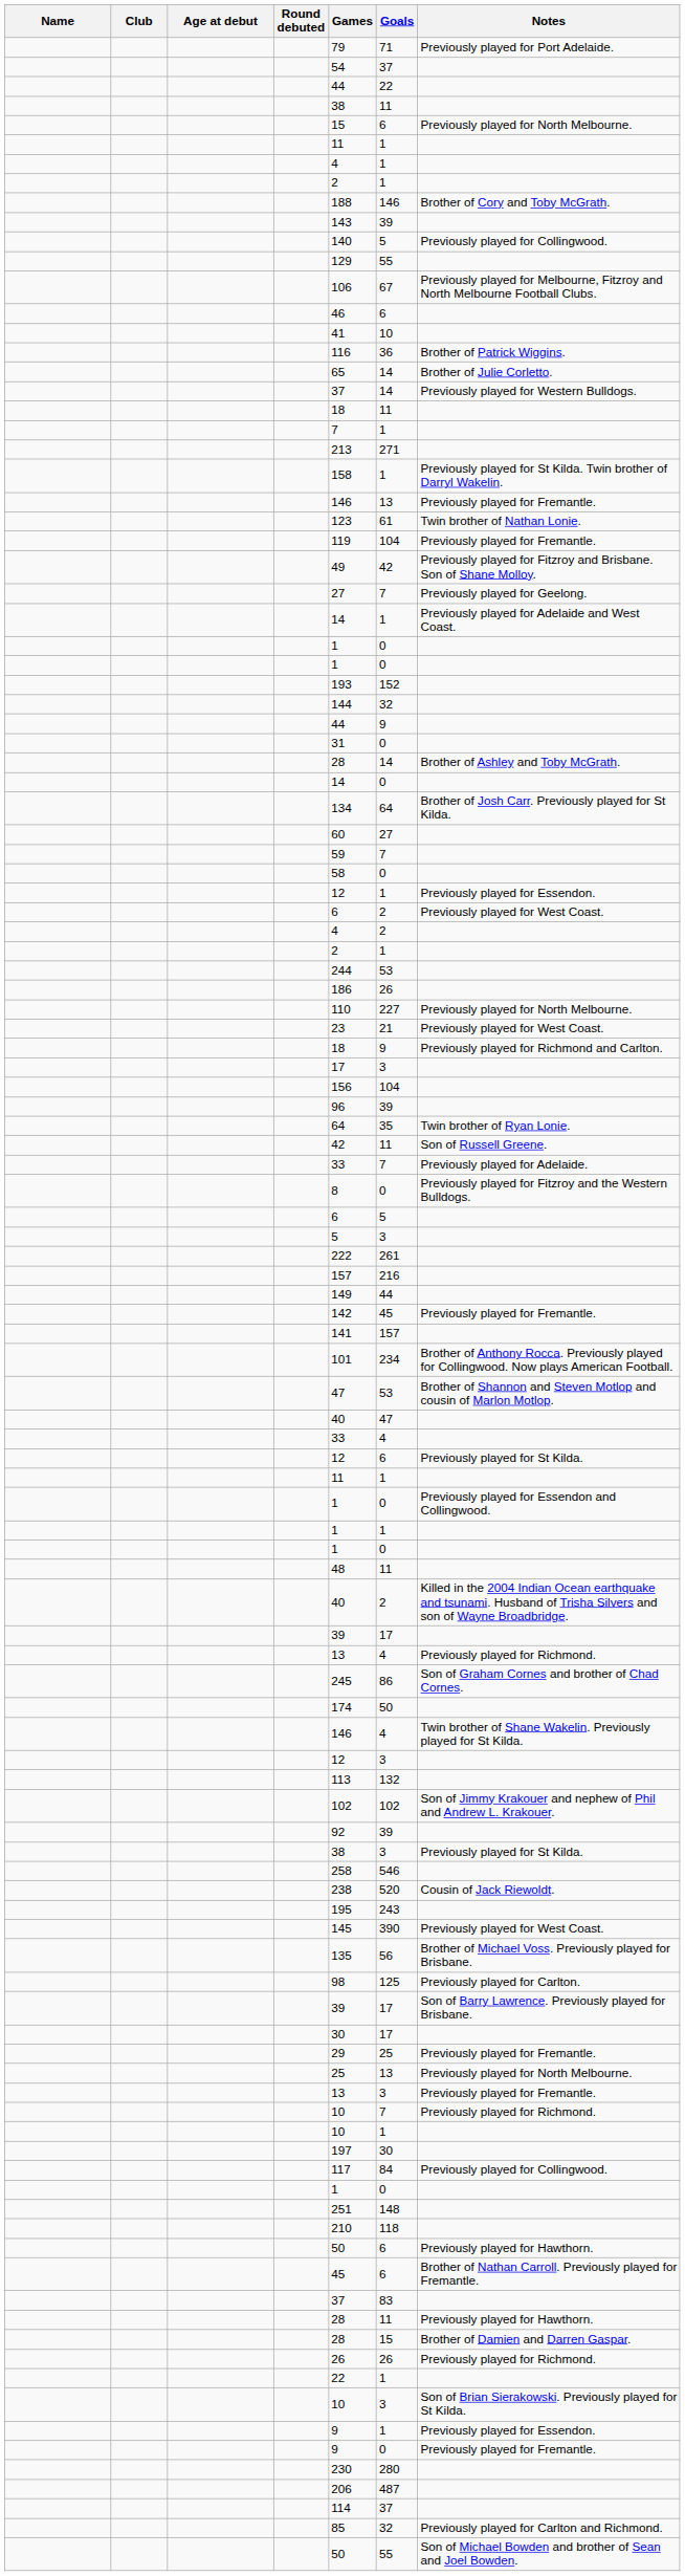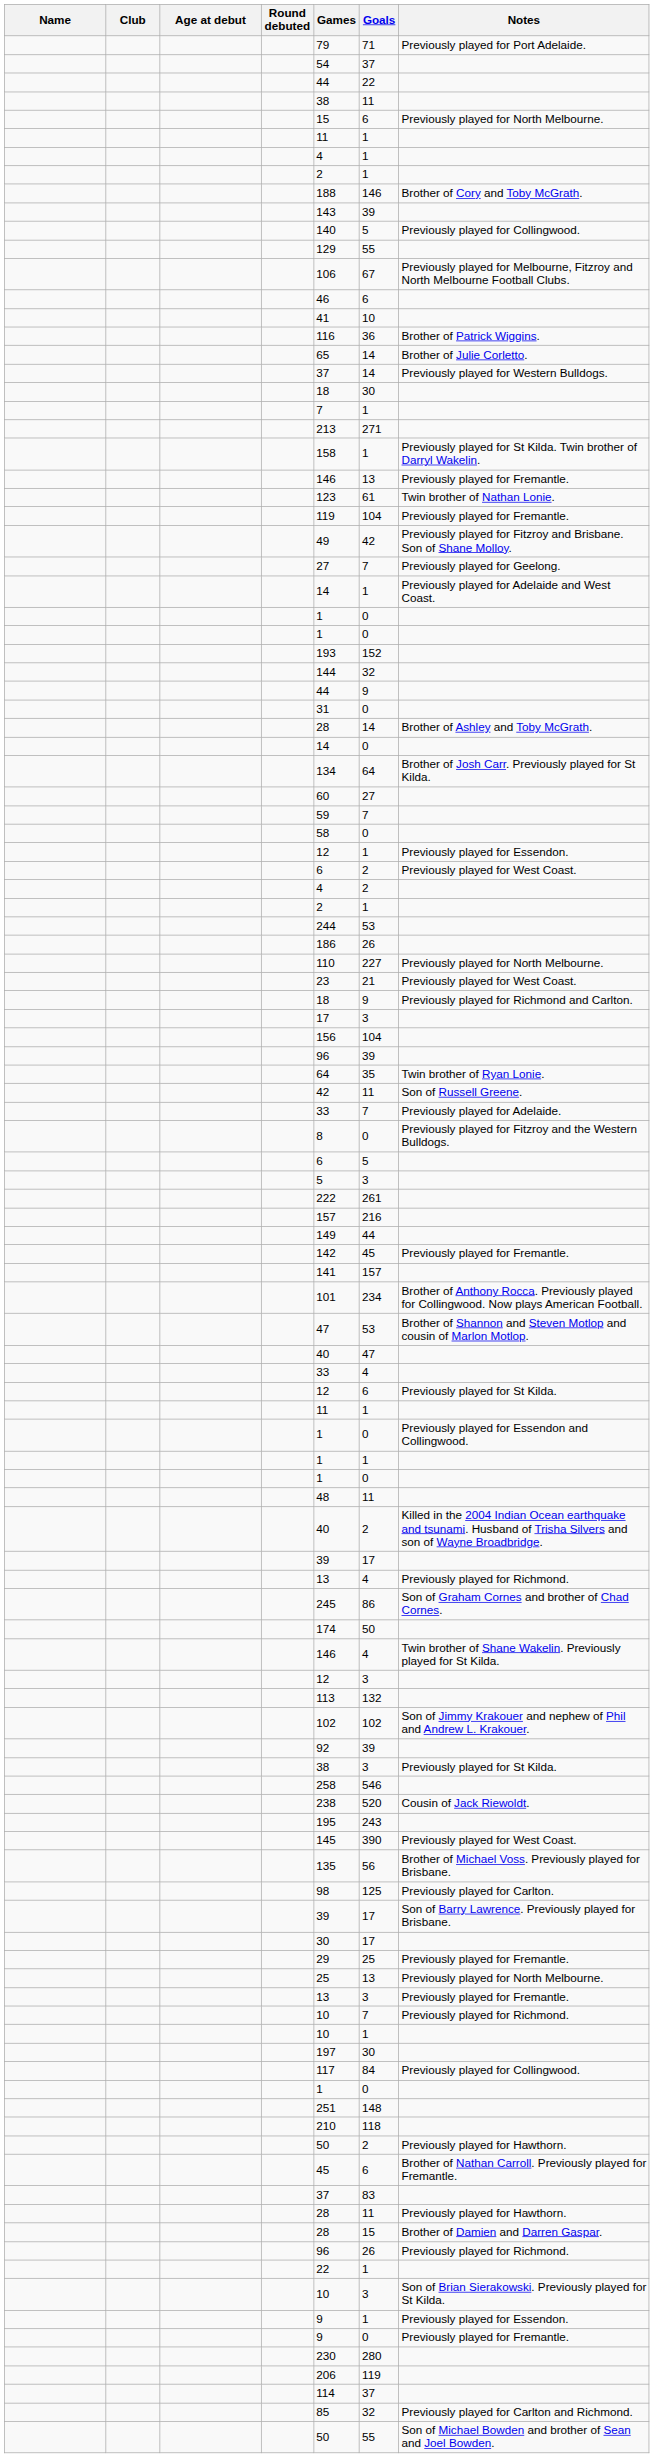 <table class="wikitable sortable" style="width:100%;">
 <tr style="background:#efefef;">
 <th style="width:15%;">Name</th>
 <th width=8%>Club</th>
 <th style="width:15%;">Age at debut</th>
 <th width=5%>Round debuted</th>
 <th width=5%>Games</th>
 <th width=5%><a href='#'>Goals</a></th>
 <th style="width:37%;">Notes</th>
 </tr>
 <tr>
 <td></td>
 <td></td>
 <td></td>
 <td></td>
 <td>79</td>
 <td>71</td>
 <td>Previously played for Port Adelaide.</td>
 </tr>
 <tr>
 <td></td>
 <td></td>
 <td></td>
 <td></td>
 <td>54</td>
 <td>37</td>
 <td></td>
 </tr>
 <tr>
 <td></td>
 <td></td>
 <td></td>
 <td></td>
 <td>44</td>
 <td>22</td>
 <td></td>
 </tr>
 <tr>
 <td></td>
 <td></td>
 <td></td>
 <td></td>
 <td>38</td>
 <td>11</td>
 <td></td>
 </tr>
 <tr>
 <td></td>
 <td></td>
 <td></td>
 <td></td>
 <td>15</td>
 <td>6</td>
 <td>Previously played for North Melbourne.</td>
 </tr>
 <tr>
 <td></td>
 <td></td>
 <td></td>
 <td></td>
 <td>11</td>
 <td>1</td>
 <td></td>
 </tr>
 <tr>
 <td></td>
 <td></td>
 <td></td>
 <td></td>
 <td>4</td>
 <td>1</td>
 <td></td>
 </tr>
 <tr>
 <td></td>
 <td></td>
 <td></td>
 <td></td>
 <td>2</td>
 <td>1</td>
 <td></td>
 </tr>
 <tr>
 <td></td>
 <td></td>
 <td></td>
 <td></td>
 <td>188</td>
 <td>146</td>
 <td>Brother of <a href='#'>Cory</a> and <a href='#'>Toby McGrath</a>.</td>
 </tr>
 <tr>
 <td></td>
 <td></td>
 <td></td>
 <td></td>
 <td>143</td>
 <td>39</td>
 <td></td>
 </tr>
 <tr>
 <td></td>
 <td></td>
 <td></td>
 <td></td>
 <td>140</td>
 <td>5</td>
 <td>Previously played for Collingwood.</td>
 </tr>
 <tr>
 <td></td>
 <td></td>
 <td></td>
 <td></td>
 <td>129</td>
 <td>55</td>
 <td></td>
 </tr>
 <tr>
 <td></td>
 <td></td>
 <td></td>
 <td></td>
 <td>106</td>
 <td>67</td>
 <td>Previously played for Melbourne, Fitzroy and North Melbourne Football Clubs.</td>
 </tr>
 <tr>
 <td></td>
 <td></td>
 <td></td>
 <td></td>
 <td>46</td>
 <td>6</td>
 <td></td>
 </tr>
 <tr>
 <td></td>
 <td></td>
 <td></td>
 <td></td>
 <td>41</td>
 <td>10</td>
 <td></td>
 </tr>
 <tr>
 <td></td>
 <td></td>
 <td></td>
 <td></td>
 <td>116</td>
 <td>36</td>
 <td>Brother of <a href='#'>Patrick Wiggins</a>.</td>
 </tr>
 <tr>
 <td></td>
 <td></td>
 <td></td>
 <td></td>
 <td>65</td>
 <td>14</td>
 <td>Brother of <a href='#'>Julie Corletto</a>.</td>
 </tr>
 <tr>
 <td></td>
 <td></td>
 <td></td>
 <td></td>
 <td>37</td>
 <td>14</td>
 <td>Previously played for Western Bulldogs.</td>
 </tr>
 <tr>
 <td></td>
 <td></td>
 <td></td>
 <td></td>
 <td>18</td>
-<td>11</td>
+<td>30</td>
 <td></td>
 </tr>
 <tr>
 <td></td>
 <td></td>
 <td></td>
 <td></td>
 <td>7</td>
 <td>1</td>
 <td></td>
 </tr>
 <tr>
 <td></td>
 <td></td>
 <td></td>
 <td></td>
 <td>213</td>
 <td>271</td>
 <td></td>
 </tr>
 <tr>
 <td></td>
 <td></td>
 <td></td>
 <td></td>
 <td>158</td>
 <td>1</td>
 <td>Previously played for St Kilda. Twin brother of <a href='#'>Darryl Wakelin</a>.</td>
 </tr>
 <tr>
 <td></td>
 <td></td>
 <td></td>
 <td></td>
 <td>146</td>
 <td>13</td>
 <td>Previously played for Fremantle.</td>
 </tr>
 <tr>
 <td></td>
 <td></td>
 <td></td>
 <td></td>
 <td>123</td>
 <td>61</td>
 <td>Twin brother of <a href='#'>Nathan Lonie</a>.</td>
 </tr>
 <tr>
 <td></td>
 <td></td>
 <td></td>
 <td></td>
 <td>119</td>
 <td>104</td>
 <td>Previously played for Fremantle.</td>
 </tr>
 <tr>
 <td></td>
 <td></td>
 <td></td>
 <td></td>
 <td>49</td>
 <td>42</td>
 <td>Previously played for Fitzroy and Brisbane. Son of <a href='#'>Shane Molloy</a>.</td>
 </tr>
 <tr>
 <td></td>
 <td></td>
 <td></td>
 <td></td>
 <td>27</td>
 <td>7</td>
 <td>Previously played for Geelong.</td>
 </tr>
 <tr>
 <td></td>
 <td></td>
 <td></td>
 <td></td>
 <td>14</td>
 <td>1</td>
 <td>Previously played for Adelaide and West Coast.</td>
 </tr>
 <tr>
 <td></td>
 <td></td>
 <td></td>
 <td></td>
 <td>1</td>
 <td>0</td>
 <td></td>
 </tr>
 <tr>
 <td></td>
 <td></td>
 <td></td>
 <td></td>
 <td>1</td>
 <td>0</td>
 <td></td>
 </tr>
 <tr>
 <td></td>
 <td></td>
 <td></td>
 <td></td>
 <td>193</td>
 <td>152</td>
 <td></td>
 </tr>
 <tr>
 <td></td>
 <td></td>
 <td></td>
 <td></td>
 <td>144</td>
 <td>32</td>
 <td></td>
 </tr>
 <tr>
 <td></td>
 <td></td>
 <td></td>
 <td></td>
 <td>44</td>
 <td>9</td>
 <td></td>
 </tr>
 <tr>
 <td></td>
 <td></td>
 <td></td>
 <td></td>
 <td>31</td>
 <td>0</td>
 <td></td>
 </tr>
 <tr>
 <td></td>
 <td></td>
 <td></td>
 <td></td>
 <td>28</td>
 <td>14</td>
 <td>Brother of <a href='#'>Ashley</a> and <a href='#'>Toby McGrath</a>.</td>
 </tr>
 <tr>
 <td></td>
 <td></td>
 <td></td>
 <td></td>
 <td>14</td>
 <td>0</td>
 <td></td>
 </tr>
 <tr>
 <td></td>
 <td></td>
 <td></td>
 <td></td>
 <td>134</td>
 <td>64</td>
 <td>Brother of <a href='#'>Josh Carr</a>. Previously played for St Kilda.</td>
 </tr>
 <tr>
 <td></td>
 <td></td>
 <td></td>
 <td></td>
 <td>60</td>
 <td>27</td>
 <td></td>
 </tr>
 <tr>
 <td></td>
 <td></td>
 <td></td>
 <td></td>
 <td>59</td>
 <td>7</td>
 <td></td>
 </tr>
 <tr>
 <td></td>
 <td></td>
 <td></td>
 <td></td>
 <td>58</td>
 <td>0</td>
 <td></td>
 </tr>
 <tr>
 <td></td>
 <td></td>
 <td></td>
 <td></td>
 <td>12</td>
 <td>1</td>
 <td>Previously played for Essendon.</td>
 </tr>
 <tr>
 <td></td>
 <td></td>
 <td></td>
 <td></td>
 <td>6</td>
 <td>2</td>
 <td>Previously played for West Coast.</td>
 </tr>
 <tr>
 <td></td>
 <td></td>
 <td></td>
 <td></td>
 <td>4</td>
 <td>2</td>
 <td></td>
 </tr>
 <tr>
 <td></td>
 <td></td>
 <td></td>
 <td></td>
 <td>2</td>
 <td>1</td>
 <td></td>
 </tr>
 <tr>
 <td></td>
 <td></td>
 <td></td>
 <td></td>
 <td>244</td>
 <td>53</td>
 <td></td>
 </tr>
 <tr>
 <td></td>
 <td></td>
 <td></td>
 <td></td>
 <td>186</td>
 <td>26</td>
 <td></td>
 </tr>
 <tr>
 <td></td>
 <td></td>
 <td></td>
 <td></td>
 <td>110</td>
 <td>227</td>
 <td>Previously played for North Melbourne.</td>
 </tr>
 <tr>
 <td></td>
 <td></td>
 <td></td>
 <td></td>
 <td>23</td>
 <td>21</td>
 <td>Previously played for West Coast.</td>
 </tr>
 <tr>
 <td></td>
 <td></td>
 <td></td>
 <td></td>
 <td>18</td>
 <td>9</td>
 <td>Previously played for Richmond and Carlton.</td>
 </tr>
 <tr>
 <td></td>
 <td></td>
 <td></td>
 <td></td>
 <td>17</td>
 <td>3</td>
 <td></td>
 </tr>
 <tr>
 <td></td>
 <td></td>
 <td></td>
 <td></td>
 <td>156</td>
 <td>104</td>
 <td></td>
 </tr>
 <tr>
 <td></td>
 <td></td>
 <td></td>
 <td></td>
 <td>96</td>
 <td>39</td>
 <td></td>
 </tr>
 <tr>
 <td></td>
 <td></td>
 <td></td>
 <td></td>
 <td>64</td>
 <td>35</td>
 <td>Twin brother of <a href='#'>Ryan Lonie</a>.</td>
 </tr>
 <tr>
 <td></td>
 <td></td>
 <td></td>
 <td></td>
 <td>42</td>
 <td>11</td>
 <td>Son of <a href='#'>Russell Greene</a>.</td>
 </tr>
 <tr>
 <td></td>
 <td></td>
 <td></td>
 <td></td>
 <td>33</td>
 <td>7</td>
 <td>Previously played for Adelaide.</td>
 </tr>
 <tr>
 <td></td>
 <td></td>
 <td></td>
 <td></td>
 <td>8</td>
 <td>0</td>
 <td>Previously played for Fitzroy and the Western Bulldogs.</td>
 </tr>
 <tr>
 <td></td>
 <td></td>
 <td></td>
 <td></td>
 <td>6</td>
 <td>5</td>
 <td></td>
 </tr>
 <tr>
 <td></td>
 <td></td>
 <td></td>
 <td></td>
 <td>5</td>
 <td>3</td>
 <td></td>
 </tr>
 <tr>
 <td></td>
 <td></td>
 <td></td>
 <td></td>
 <td>222</td>
 <td>261</td>
 <td></td>
 </tr>
 <tr>
 <td></td>
 <td></td>
 <td></td>
 <td></td>
 <td>157</td>
 <td>216</td>
 <td></td>
 </tr>
 <tr>
 <td></td>
 <td></td>
 <td></td>
 <td></td>
 <td>149</td>
 <td>44</td>
 <td></td>
 </tr>
 <tr>
 <td></td>
 <td></td>
 <td></td>
 <td></td>
 <td>142</td>
 <td>45</td>
 <td>Previously played for Fremantle.</td>
 </tr>
 <tr>
 <td></td>
 <td></td>
 <td></td>
 <td></td>
 <td>141</td>
 <td>157</td>
 <td></td>
 </tr>
 <tr>
 <td></td>
 <td></td>
 <td></td>
 <td></td>
 <td>101</td>
 <td>234</td>
 <td>Brother of <a href='#'>Anthony Rocca</a>. Previously played for Collingwood. Now plays American Football.</td>
 </tr>
 <tr>
 <td></td>
 <td></td>
 <td></td>
 <td></td>
 <td>47</td>
 <td>53</td>
 <td>Brother of <a href='#'>Shannon</a> and <a href='#'>Steven Motlop</a> and cousin of <a href='#'>Marlon Motlop</a>.</td>
 </tr>
 <tr>
 <td></td>
 <td></td>
 <td></td>
 <td></td>
 <td>40</td>
 <td>47</td>
 <td></td>
 </tr>
 <tr>
 <td></td>
 <td></td>
 <td></td>
 <td></td>
 <td>33</td>
 <td>4</td>
 <td></td>
 </tr>
 <tr>
 <td></td>
 <td></td>
 <td></td>
 <td></td>
 <td>12</td>
 <td>6</td>
 <td>Previously played for St Kilda.</td>
 </tr>
 <tr>
 <td></td>
 <td></td>
 <td></td>
 <td></td>
 <td>11</td>
 <td>1</td>
 <td></td>
 </tr>
 <tr>
 <td></td>
 <td></td>
 <td></td>
 <td></td>
 <td>1</td>
 <td>0</td>
 <td>Previously played for Essendon and Collingwood.</td>
 </tr>
 <tr>
 <td></td>
 <td></td>
 <td></td>
 <td></td>
 <td>1</td>
 <td>1</td>
 <td></td>
 </tr>
 <tr>
 <td></td>
 <td></td>
 <td></td>
 <td></td>
 <td>1</td>
 <td>0</td>
 <td></td>
 </tr>
 <tr>
 <td></td>
 <td></td>
 <td></td>
 <td></td>
 <td>48</td>
 <td>11</td>
 <td></td>
 </tr>
 <tr>
 <td></td>
 <td></td>
 <td></td>
 <td></td>
 <td>40</td>
 <td>2</td>
 <td>Killed in the <a href='#'>2004 Indian Ocean earthquake and tsunami</a>. Husband of <a href='#'>Trisha Silvers</a> and son of <a href='#'>Wayne Broadbridge</a>.</td>
 </tr>
 <tr>
 <td></td>
 <td></td>
 <td></td>
 <td></td>
 <td>39</td>
 <td>17</td>
 <td></td>
 </tr>
 <tr>
 <td></td>
 <td></td>
 <td></td>
 <td></td>
 <td>13</td>
 <td>4</td>
 <td>Previously played for Richmond.</td>
 </tr>
 <tr>
 <td></td>
 <td></td>
 <td></td>
 <td></td>
 <td>245</td>
 <td>86</td>
 <td>Son of <a href='#'>Graham Cornes</a> and brother of <a href='#'>Chad Cornes</a>.</td>
 </tr>
 <tr>
 <td></td>
 <td></td>
 <td></td>
 <td></td>
 <td>174</td>
 <td>50</td>
 <td></td>
 </tr>
 <tr>
 <td></td>
 <td></td>
 <td></td>
 <td></td>
 <td>146</td>
 <td>4</td>
 <td>Twin brother of <a href='#'>Shane Wakelin</a>. Previously played for St Kilda.</td>
 </tr>
 <tr>
 <td></td>
 <td></td>
 <td></td>
 <td></td>
 <td>12</td>
 <td>3</td>
 <td></td>
 </tr>
 <tr>
 <td></td>
 <td></td>
 <td></td>
 <td></td>
 <td>113</td>
 <td>132</td>
 <td></td>
 </tr>
 <tr>
 <td></td>
 <td></td>
 <td></td>
 <td></td>
 <td>102</td>
 <td>102</td>
 <td>Son of <a href='#'>Jimmy Krakouer</a> and nephew of <a href='#'>Phil</a> and <a href='#'>Andrew L. Krakouer</a>.</td>
 </tr>
 <tr>
 <td></td>
 <td></td>
 <td></td>
 <td></td>
 <td>92</td>
 <td>39</td>
 <td></td>
 </tr>
 <tr>
 <td></td>
 <td></td>
 <td></td>
 <td></td>
 <td>38</td>
 <td>3</td>
 <td>Previously played for St Kilda.</td>
 </tr>
 <tr>
 <td></td>
 <td></td>
 <td></td>
 <td></td>
 <td>258</td>
 <td>546</td>
 <td></td>
 </tr>
 <tr>
 <td></td>
 <td></td>
 <td></td>
 <td></td>
 <td>238</td>
 <td>520</td>
 <td>Cousin of <a href='#'>Jack Riewoldt</a>.</td>
 </tr>
 <tr>
 <td></td>
 <td></td>
 <td></td>
 <td></td>
 <td>195</td>
 <td>243</td>
 <td></td>
 </tr>
 <tr>
 <td></td>
 <td></td>
 <td></td>
 <td></td>
 <td>145</td>
 <td>390</td>
 <td>Previously played for West Coast.</td>
 </tr>
 <tr>
 <td></td>
 <td></td>
 <td></td>
 <td></td>
 <td>135</td>
 <td>56</td>
 <td>Brother of <a href='#'>Michael Voss</a>. Previously played for Brisbane.</td>
 </tr>
 <tr>
 <td></td>
 <td></td>
 <td></td>
 <td></td>
 <td>98</td>
 <td>125</td>
 <td>Previously played for Carlton.</td>
 </tr>
 <tr>
 <td></td>
 <td></td>
 <td></td>
 <td></td>
 <td>39</td>
 <td>17</td>
 <td>Son of <a href='#'>Barry Lawrence</a>. Previously played for Brisbane.</td>
 </tr>
 <tr>
 <td></td>
 <td></td>
 <td></td>
 <td></td>
 <td>30</td>
 <td>17</td>
 <td></td>
 </tr>
 <tr>
 <td></td>
 <td></td>
 <td></td>
 <td></td>
 <td>29</td>
 <td>25</td>
 <td>Previously played for Fremantle.</td>
 </tr>
 <tr>
 <td></td>
 <td></td>
 <td></td>
 <td></td>
 <td>25</td>
 <td>13</td>
 <td>Previously played for North Melbourne.</td>
 </tr>
 <tr>
 <td></td>
 <td></td>
 <td></td>
 <td></td>
 <td>13</td>
 <td>3</td>
 <td>Previously played for Fremantle.</td>
 </tr>
 <tr>
 <td></td>
 <td></td>
 <td></td>
 <td></td>
 <td>10</td>
 <td>7</td>
 <td>Previously played for Richmond.</td>
 </tr>
 <tr>
 <td></td>
 <td></td>
 <td></td>
 <td></td>
 <td>10</td>
 <td>1</td>
 <td></td>
 </tr>
 <tr>
 <td></td>
 <td></td>
 <td></td>
 <td></td>
 <td>197</td>
 <td>30</td>
 <td></td>
 </tr>
 <tr>
 <td></td>
 <td></td>
 <td></td>
 <td></td>
 <td>117</td>
 <td>84</td>
 <td>Previously played for Collingwood.</td>
 </tr>
 <tr>
 <td></td>
 <td></td>
 <td></td>
 <td></td>
 <td>1</td>
 <td>0</td>
 <td></td>
 </tr>
 <tr>
 <td></td>
 <td></td>
 <td></td>
 <td></td>
 <td>251</td>
 <td>148</td>
 <td></td>
 </tr>
 <tr>
 <td></td>
 <td></td>
 <td></td>
 <td></td>
 <td>210</td>
 <td>118</td>
 <td></td>
 </tr>
 <tr>
 <td></td>
 <td></td>
 <td></td>
 <td></td>
 <td>50</td>
-<td>6</td>
+<td>2</td>
 <td>Previously played for Hawthorn.</td>
 </tr>
 <tr>
 <td></td>
 <td></td>
 <td></td>
 <td></td>
 <td>45</td>
 <td>6</td>
 <td>Brother of <a href='#'>Nathan Carroll</a>. Previously played for Fremantle.</td>
 </tr>
 <tr>
 <td></td>
 <td></td>
 <td></td>
 <td></td>
 <td>37</td>
 <td>83</td>
 <td></td>
 </tr>
 <tr>
 <td></td>
 <td></td>
 <td></td>
 <td></td>
 <td>28</td>
 <td>11</td>
 <td>Previously played for Hawthorn.</td>
 </tr>
 <tr>
 <td></td>
 <td></td>
 <td></td>
 <td></td>
 <td>28</td>
 <td>15</td>
 <td>Brother of <a href='#'>Damien</a> and <a href='#'>Darren Gaspar</a>.</td>
 </tr>
 <tr>
 <td></td>
 <td></td>
 <td></td>
 <td></td>
-<td>26</td>
+<td>96</td>
 <td>26</td>
 <td>Previously played for Richmond.</td>
 </tr>
 <tr>
 <td></td>
 <td></td>
 <td></td>
 <td></td>
 <td>22</td>
 <td>1</td>
 <td></td>
 </tr>
 <tr>
 <td></td>
 <td></td>
 <td></td>
 <td></td>
 <td>10</td>
 <td>3</td>
 <td>Son of <a href='#'>Brian Sierakowski</a>. Previously played for St Kilda.</td>
 </tr>
 <tr>
 <td></td>
 <td></td>
 <td></td>
 <td></td>
 <td>9</td>
 <td>1</td>
 <td>Previously played for Essendon.</td>
 </tr>
 <tr>
 <td></td>
 <td></td>
 <td></td>
 <td></td>
 <td>9</td>
 <td>0</td>
 <td>Previously played for Fremantle.</td>
 </tr>
 <tr>
 <td></td>
 <td></td>
 <td></td>
 <td></td>
 <td>230</td>
 <td>280</td>
 <td></td>
 </tr>
 <tr>
 <td></td>
 <td></td>
 <td></td>
 <td></td>
 <td>206</td>
-<td>487</td>
+<td>119</td>
 <td></td>
 </tr>
 <tr>
 <td></td>
 <td></td>
 <td></td>
 <td></td>
 <td>114</td>
 <td>37</td>
 <td></td>
 </tr>
 <tr>
 <td></td>
 <td></td>
 <td></td>
 <td></td>
 <td>85</td>
 <td>32</td>
 <td>Previously played for Carlton and Richmond.</td>
 </tr>
 <tr>
 <td></td>
 <td></td>
 <td></td>
 <td></td>
 <td>50</td>
 <td>55</td>
 <td>Son of <a href='#'>Michael Bowden</a> and brother of <a href='#'>Sean</a> and <a href='#'>Joel Bowden</a>.</td>
 </tr>
 </table>
